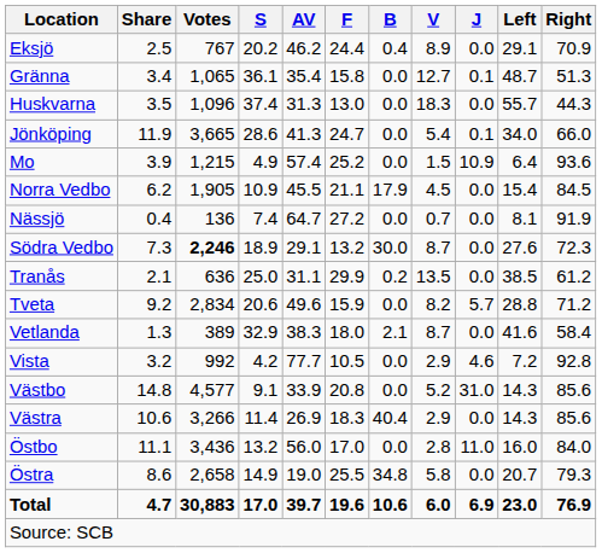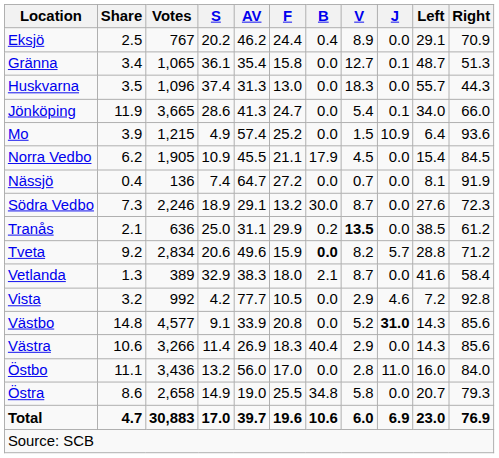 <table class="wikitable sortable" style=text-align:right>
 <tr>
 <th>Location</th>
 <th>Share</th>
 <th>Votes</th>
 <th><a href='#'>S</a></th>
 <th><a href='#'>AV</a></th>
 <th><a href='#'>F</a></th>
 <th><a href='#'>B</a></th>
 <th><a href='#'>V</a></th>
 <th><a href='#'>J</a></th>
 <th>Left</th>
 <th>Right</th>
 </tr>
 <tr>
 <td align=left><a href='#'>Eksjö</a></td>
 <td>2.5</td>
 <td>767</td>
 <td>20.2</td>
 <td>46.2</td>
 <td>24.4</td>
 <td>0.4</td>
 <td>8.9</td>
 <td>0.0</td>
 <td>29.1</td>
 <td>70.9</td>
 </tr>
 <tr>
 <td align=left><a href='#'>Gränna</a></td>
 <td>3.4</td>
 <td>1,065</td>
 <td>36.1</td>
 <td>35.4</td>
 <td>15.8</td>
 <td>0.0</td>
 <td>12.7</td>
 <td>0.1</td>
 <td>48.7</td>
 <td>51.3</td>
 </tr>
 <tr>
 <td align=left><a href='#'>Huskvarna</a></td>
 <td>3.5</td>
 <td>1,096</td>
 <td>37.4</td>
 <td>31.3</td>
 <td>13.0</td>
 <td>0.0</td>
 <td>18.3</td>
 <td>0.0</td>
 <td>55.7</td>
 <td>44.3</td>
 </tr>
 <tr>
 <td align=left><a href='#'>Jönköping</a></td>
 <td>11.9</td>
 <td>3,665</td>
 <td>28.6</td>
 <td>41.3</td>
 <td>24.7</td>
 <td>0.0</td>
 <td>5.4</td>
 <td>0.1</td>
 <td>34.0</td>
 <td>66.0</td>
 </tr>
 <tr>
 <td align=left><a href='#'>Mo</a></td>
 <td>3.9</td>
 <td>1,215</td>
 <td>4.9</td>
 <td>57.4</td>
 <td>25.2</td>
 <td>0.0</td>
 <td>1.5</td>
 <td>10.9</td>
 <td>6.4</td>
 <td>93.6</td>
 </tr>
 <tr>
 <td align=left><a href='#'>Norra Vedbo</a></td>
 <td>6.2</td>
 <td>1,905</td>
 <td>10.9</td>
 <td>45.5</td>
 <td>21.1</td>
 <td>17.9</td>
 <td>4.5</td>
 <td>0.0</td>
 <td>15.4</td>
 <td>84.5</td>
 </tr>
 <tr>
 <td align=left><a href='#'>Nässjö</a></td>
 <td>0.4</td>
 <td>136</td>
 <td>7.4</td>
 <td>64.7</td>
 <td>27.2</td>
 <td>0.0</td>
 <td>0.7</td>
 <td>0.0</td>
 <td>8.1</td>
 <td>91.9</td>
 </tr>
 <tr>
 <td align=left><a href='#'>Södra Vedbo</a></td>
 <td>7.3</td>
-<td><strong>2,246</strong></td>
+<td>2,246</td>
 <td>18.9</td>
 <td>29.1</td>
 <td>13.2</td>
 <td>30.0</td>
 <td>8.7</td>
 <td>0.0</td>
 <td>27.6</td>
 <td>72.3</td>
 </tr>
 <tr>
 <td align=left><a href='#'>Tranås</a></td>
 <td>2.1</td>
 <td>636</td>
 <td>25.0</td>
 <td>31.1</td>
 <td>29.9</td>
 <td>0.2</td>
-<td>13.5</td>
+<td><strong>13.5</strong></td>
 <td>0.0</td>
 <td>38.5</td>
 <td>61.2</td>
 </tr>
 <tr>
 <td align=left><a href='#'>Tveta</a></td>
 <td>9.2</td>
 <td>2,834</td>
 <td>20.6</td>
 <td>49.6</td>
 <td>15.9</td>
-<td>0.0</td>
+<td><strong>0.0</strong></td>
 <td>8.2</td>
 <td>5.7</td>
 <td>28.8</td>
 <td>71.2</td>
 </tr>
 <tr>
 <td align=left><a href='#'>Vetlanda</a></td>
 <td>1.3</td>
 <td>389</td>
 <td>32.9</td>
 <td>38.3</td>
 <td>18.0</td>
 <td>2.1</td>
 <td>8.7</td>
 <td>0.0</td>
 <td>41.6</td>
 <td>58.4</td>
 </tr>
 <tr>
 <td align=left><a href='#'>Vista</a></td>
 <td>3.2</td>
 <td>992</td>
 <td>4.2</td>
 <td>77.7</td>
 <td>10.5</td>
 <td>0.0</td>
 <td>2.9</td>
 <td>4.6</td>
 <td>7.2</td>
 <td>92.8</td>
 </tr>
 <tr>
 <td align=left><a href='#'>Västbo</a></td>
 <td>14.8</td>
 <td>4,577</td>
 <td>9.1</td>
 <td>33.9</td>
 <td>20.8</td>
 <td>0.0</td>
 <td>5.2</td>
-<td>31.0</td>
+<td><strong>31.0</strong></td>
 <td>14.3</td>
 <td>85.6</td>
 </tr>
 <tr>
 <td align=left><a href='#'>Västra</a></td>
 <td>10.6</td>
 <td>3,266</td>
 <td>11.4</td>
 <td>26.9</td>
 <td>18.3</td>
 <td>40.4</td>
 <td>2.9</td>
 <td>0.0</td>
 <td>14.3</td>
 <td>85.6</td>
 </tr>
 <tr>
 <td align=left><a href='#'>Östbo</a></td>
 <td>11.1</td>
 <td>3,436</td>
 <td>13.2</td>
 <td>56.0</td>
 <td>17.0</td>
 <td>0.0</td>
 <td>2.8</td>
 <td>11.0</td>
 <td>16.0</td>
 <td>84.0</td>
 </tr>
 <tr>
 <td align=left><a href='#'>Östra</a></td>
 <td>8.6</td>
 <td>2,658</td>
 <td>14.9</td>
 <td>19.0</td>
 <td>25.5</td>
 <td>34.8</td>
 <td>5.8</td>
 <td>0.0</td>
 <td>20.7</td>
 <td>79.3</td>
 </tr>
 <tr>
 <td align=left><strong>Total</strong></td>
 <td><strong>4.7</strong></td>
 <td><strong>30,883</strong></td>
 <td><strong>17.0</strong></td>
 <td><strong>39.7</strong></td>
 <td><strong>19.6</strong></td>
 <td><strong>10.6</strong></td>
 <td><strong>6.0</strong></td>
 <td><strong>6.9</strong></td>
 <td><strong>23.0</strong></td>
 <td><strong>76.9</strong></td>
 </tr>
 <tr>
 <td align=left colspan=11>Source: SCB </td>
 </tr>
 </table>
